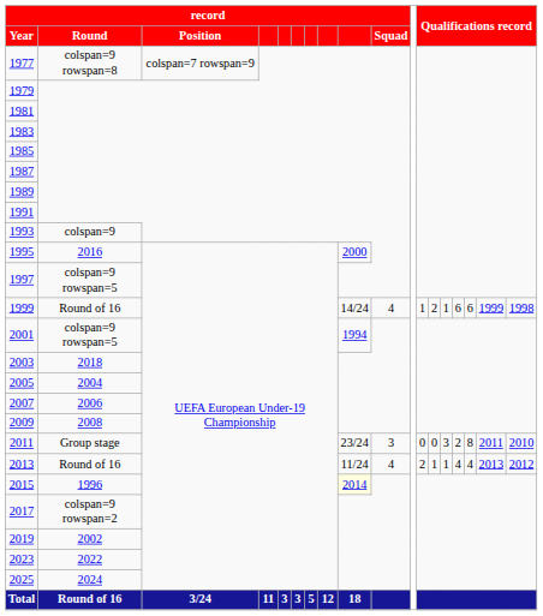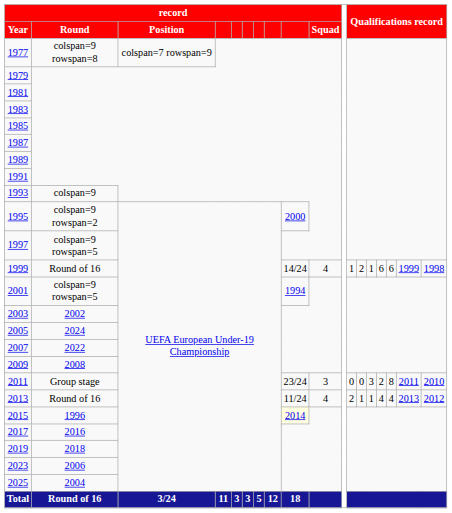 <table class="wikitable" style="font-size:90%; text-align:center;" width="100%" class="wikitable">
 <tr>
 <th colspan=10 style="background:#ff0000; color:white; "><a href='#'></a> record</th>
 <th width=1% rowspan="34" style="background:#FFFFFF; color:white"></th>
 <th colspan=7 rowspan=2 style="background:#ff0000; color:white; ">Qualifications record</th>
 </tr>
 <tr>
 <th style="background:#ff0000; color:white; ">Year</th>
 <th style="background:#ff0000; color:white; ">Round</th>
 <th style="background:#ff0000; color:white; ">Position</th>
 <th style="background:#ff0000; color:white; "></th>
 <th style="background:#ff0000; color:white; "></th>
 <th style="background:#ff0000; color:white; "></th>
 <th style="background:#ff0000; color:white; "></th>
 <th style="background:#ff0000; color:white; "></th>
 <th style="background:#ff0000; color:white; "></th>
 <th style="background:#ff0000; color:white; ">Squad</th>
 </tr>
 <tr>
 <td> <a href='#'>1977</a></td>
 <td>colspan=9 rowspan=8 </td>
 <td>colspan=7 rowspan=9 </td>
 </tr>
 <tr>
 <td> <a href='#'>1979</a></td>
 </tr>
 <tr>
 <td> <a href='#'>1981</a></td>
 </tr>
 <tr>
 <td> <a href='#'>1983</a></td>
 </tr>
 <tr>
 <td> <a href='#'>1985</a></td>
 </tr>
 <tr>
 <td> <a href='#'>1987</a></td>
 </tr>
 <tr>
 <td> <a href='#'>1989</a></td>
 </tr>
 <tr>
 <td> <a href='#'>1991</a></td>
 </tr>
 <tr>
 <td> <a href='#'>1993</a></td>
 <td>colspan=9 </td>
 </tr>
 <tr>
 <td> <a href='#'>1995</a></td>
-<td><a href='#'>2016</a></td>
+<td>colspan=9 rowspan=2 </td>
 <td colspan=6 rowspan=15><a href='#'>UEFA European Under-19 Championship</a></td>
 <td><a href='#'>2000</a></td>
 </tr>
 <tr>
 <td> <a href='#'>1997</a></td>
 <td>colspan=9 rowspan=5 </td>
 </tr>
 <tr>
 <td> <a href='#'>1999</a></td>
 <td>Round of 16</td>
 <td>14/24</td>
 <td>4</td>
 <td>1</td>
 <td>2</td>
 <td>1</td>
 <td>6</td>
 <td>6</td>
 <td><a href='#'>1999</a></td>
 <td><a href='#'>1998</a></td>
 </tr>
 <tr>
 <td> <a href='#'>2001</a></td>
 <td>colspan=9 rowspan=5 </td>
 <td><a href='#'>1994</a></td>
 </tr>
 <tr>
 <td> <a href='#'>2003</a></td>
-<td><a href='#'>2018</a></td>
+<td><a href='#'>2002</a></td>
 </tr>
 <tr>
 <td> <a href='#'>2005</a></td>
-<td><a href='#'>2004</a></td>
+<td><a href='#'>2024</a></td>
 </tr>
 <tr>
 <td> <a href='#'>2007</a></td>
-<td><a href='#'>2006</a></td>
+<td><a href='#'>2022</a></td>
 </tr>
 <tr>
 <td> <a href='#'>2009</a></td>
 <td><a href='#'>2008</a></td>
 </tr>
 <tr>
 <td> <a href='#'>2011</a></td>
 <td>Group stage</td>
 <td>23/24</td>
 <td>3</td>
 <td>0</td>
 <td>0</td>
 <td>3</td>
 <td>2</td>
 <td>8</td>
 <td><a href='#'>2011</a></td>
 <td><a href='#'>2010</a></td>
 </tr>
 <tr>
 <td> <a href='#'>2013</a></td>
 <td>Round of 16</td>
 <td>11/24</td>
 <td>4</td>
 <td>2</td>
 <td>1</td>
 <td>1</td>
 <td>4</td>
 <td>4</td>
 <td><a href='#'>2013</a></td>
 <td><a href='#'>2012</a></td>
 </tr>
 <tr>
 <td> <a href='#'>2015</a></td>
 <td><a href='#'>1996</a></td>
 <td style="background: lightyellow;"><a href='#'>2014</a></td>
 </tr>
 <tr>
 <td> <a href='#'>2017</a></td>
-<td>colspan=9 rowspan=2 </td>
+<td><a href='#'>2016</a></td>
 </tr>
 <tr>
 <td> <a href='#'>2019</a></td>
-<td><a href='#'>2002</a></td>
+<td><a href='#'>2018</a></td>
 </tr>
 <tr>
 <td> <a href='#'>2023</a></td>
-<td><a href='#'>2022</a></td>
+<td><a href='#'>2006</a></td>
 </tr>
 <tr>
 <td> <a href='#'>2025</a></td>
-<td><a href='#'>2024</a></td>
+<td><a href='#'>2004</a></td>
 </tr>
 <tr>
 <th style="background:#171796; color:white; ">Total</th>
 <th style="background:#171796; color:white; ">Round of 16</th>
 <th style="background:#171796; color:white; ">3/24</th>
 <th style="background:#171796; color:white; ">11</th>
 <th style="background:#171796; color:white; ">3</th>
 <th style="background:#171796; color:white; ">3</th>
 <th style="background:#171796; color:white; ">5</th>
 <th style="background:#171796; color:white; ">12</th>
 <th style="background:#171796; color:white; ">18</th>
 <th style="background:#171796; color:white; "></th>
 <th colspan=7 style="background:#171796; color:white; "></th>
 </tr>
 <tr>
 </tr>
 </table>
